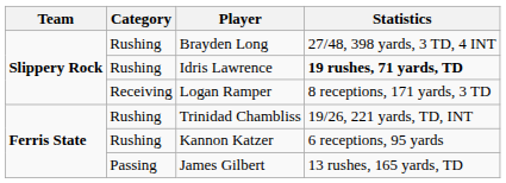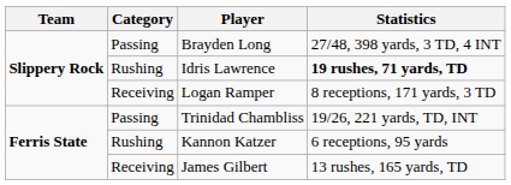 <table class="wikitable" style="float: left;">
 <tr>
 <th>Team</th>
 <th>Category</th>
 <th>Player</th>
 <th>Statistics</th>
 </tr>
 <tr>
 <td rowspan=3><strong>Slippery Rock</strong></td>
-<td>Rushing</td>
+<td>Passing</td>
 <td>Brayden Long</td>
 <td>27/48, 398 yards, 3 TD, 4 INT</td>
 </tr>
 <tr>
 <td>Rushing</td>
 <td>Idris Lawrence</td>
 <td><strong>19 rushes, 71 yards, TD</strong></td>
 </tr>
 <tr>
 <td>Receiving</td>
 <td>Logan Ramper</td>
 <td>8 receptions, 171 yards, 3 TD</td>
 </tr>
 <tr>
 <td rowspan=3><strong>Ferris State</strong></td>
-<td>Rushing</td>
+<td>Passing</td>
 <td>Trinidad Chambliss</td>
 <td>19/26, 221 yards, TD, INT</td>
 </tr>
 <tr>
 <td>Rushing</td>
 <td>Kannon Katzer</td>
 <td>6 receptions, 95 yards</td>
 </tr>
 <tr>
-<td>Passing</td>
+<td>Receiving</td>
 <td>James Gilbert</td>
 <td>13 rushes, 165 yards, TD</td>
 </tr>
 </table>
